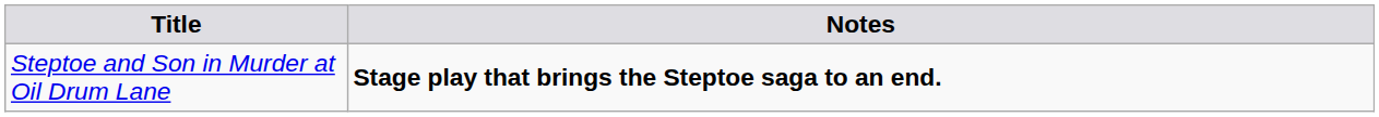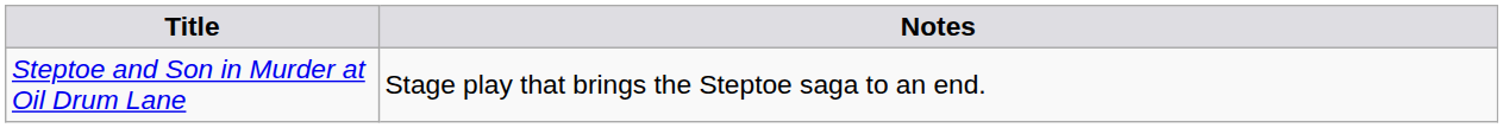 <table class="wikitable" width="100%">
 <tr>
 <th style="background:#DEDDE2" width="25%">Title</th>
 <th style="background:#DEDDE2">Notes</th>
 </tr>
 <tr>
 <td><em><a href='#'>Steptoe and Son in Murder at Oil Drum Lane</a></em></td>
-<td><strong>Stage play that brings the Steptoe saga to an end.</strong></td>
+<td>Stage play that brings the Steptoe saga to an end.</td>
 </tr>
 </table>
